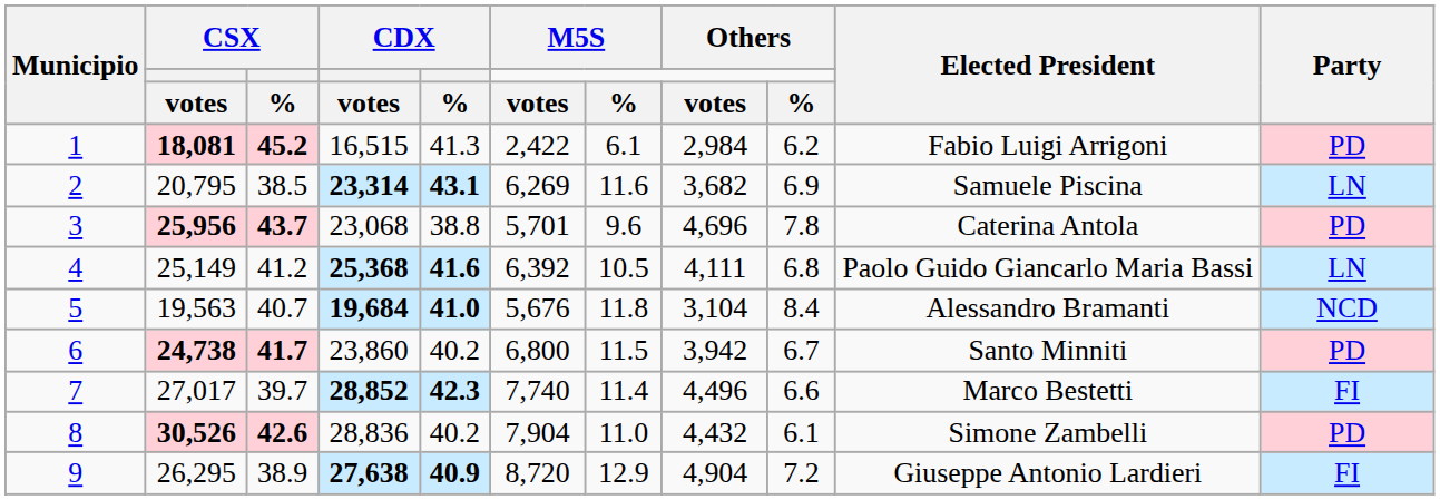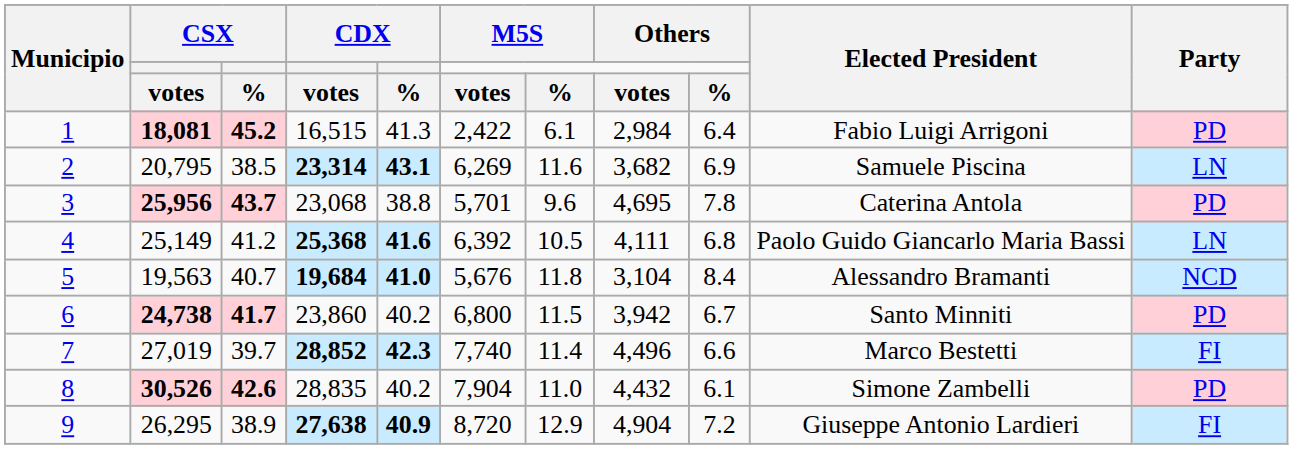 <table class="wikitable" style="text-align:center; font-size:85%; line-height:13px">
 <tr style="height:30px; background-color:#E9E9E9">
 <th style="width:50px;" rowspan="3">Municipio</th>
 <th style="width:75px;" colspan="2"><a href='#'>CSX</a></th>
 <th style="width:75px;" colspan="2"><a href='#'>CDX</a></th>
 <th style="width:75px;" colspan="2"><a href='#'>M5S</a></th>
 <th style="width:75px;" colspan="2">Others</th>
 <th style="width:195px;" rowspan="3">Elected President</th>
 <th style="width:75px;" rowspan="3">Party</th>
 </tr>
 <tr>
 <th style="background:"></th>
 <th style="background:"></th>
 <th style="background:"></th>
 <th style="background:"></th>
 </tr>
 <tr>
 <th>votes</th>
 <th>%</th>
 <th>votes</th>
 <th>%</th>
 <th>votes</th>
 <th>%</th>
 <th>votes</th>
 <th>%</th>
 </tr>
 <tr>
 <td><a href='#'>1</a></td>
 <td style="background:#FFD0D7"><strong>18,081</strong></td>
 <td style="background:#FFD0D7"><strong>45.2</strong></td>
 <td>16,515</td>
 <td>41.3</td>
 <td>2,422</td>
 <td>6.1</td>
 <td>2,984</td>
-<td>6.2</td>
+<td>6.4</td>
 <td>Fabio Luigi Arrigoni</td>
 <td style="background:#FFD0D7"><a href='#'>PD</a></td>
 </tr>
 <tr>
 <td><a href='#'>2</a></td>
 <td>20,795</td>
 <td>38.5</td>
 <td style="background:#C8EBFF"><strong>23,314</strong></td>
 <td style="background:#C8EBFF"><strong>43.1</strong></td>
 <td>6,269</td>
 <td>11.6</td>
 <td>3,682</td>
 <td>6.9</td>
 <td>Samuele Piscina</td>
 <td style="background:#C8EBFF"><a href='#'>LN</a></td>
 </tr>
 <tr>
 <td><a href='#'>3</a></td>
 <td style="background:#FFD0D7"><strong>25,956</strong></td>
 <td style="background:#FFD0D7"><strong>43.7</strong></td>
 <td>23,068</td>
 <td>38.8</td>
 <td>5,701</td>
 <td>9.6</td>
-<td>4,696</td>
+<td>4,695</td>
 <td>7.8</td>
 <td>Caterina Antola</td>
 <td style="background:#FFD0D7"><a href='#'>PD</a></td>
 </tr>
 <tr>
 <td><a href='#'>4</a></td>
 <td>25,149</td>
 <td>41.2</td>
 <td style="background:#C8EBFF"><strong>25,368</strong></td>
 <td style="background:#C8EBFF"><strong>41.6</strong></td>
 <td>6,392</td>
 <td>10.5</td>
 <td>4,111</td>
 <td>6.8</td>
 <td>Paolo Guido Giancarlo Maria Bassi</td>
 <td style="background:#C8EBFF"><a href='#'>LN</a></td>
 </tr>
 <tr>
 <td><a href='#'>5</a></td>
 <td>19,563</td>
 <td>40.7</td>
 <td style="background:#C8EBFF"><strong>19,684</strong></td>
 <td style="background:#C8EBFF"><strong>41.0</strong></td>
 <td>5,676</td>
 <td>11.8</td>
 <td>3,104</td>
 <td>8.4</td>
 <td>Alessandro Bramanti</td>
 <td style="background:#C8EBFF"><a href='#'>NCD</a></td>
 </tr>
 <tr>
 <td><a href='#'>6</a></td>
 <td style="background:#FFD0D7"><strong>24,738</strong></td>
 <td style="background:#FFD0D7"><strong>41.7</strong></td>
 <td>23,860</td>
 <td>40.2</td>
 <td>6,800</td>
 <td>11.5</td>
 <td>3,942</td>
 <td>6.7</td>
 <td>Santo Minniti</td>
 <td style="background:#FFD0D7"><a href='#'>PD</a></td>
 </tr>
 <tr>
 <td><a href='#'>7</a></td>
-<td>27,017</td>
+<td>27,019</td>
 <td>39.7</td>
 <td style="background:#C8EBFF"><strong>28,852</strong></td>
 <td style="background:#C8EBFF"><strong>42.3</strong></td>
 <td>7,740</td>
 <td>11.4</td>
 <td>4,496</td>
 <td>6.6</td>
 <td>Marco Bestetti</td>
 <td style="background:#C8EBFF"><a href='#'>FI</a></td>
 </tr>
 <tr>
 <td><a href='#'>8</a></td>
 <td style="background:#FFD0D7"><strong>30,526</strong></td>
 <td style="background:#FFD0D7"><strong>42.6</strong></td>
-<td>28,836</td>
+<td>28,835</td>
 <td>40.2</td>
 <td>7,904</td>
 <td>11.0</td>
 <td>4,432</td>
 <td>6.1</td>
 <td>Simone Zambelli</td>
 <td style="background:#FFD0D7"><a href='#'>PD</a></td>
 </tr>
 <tr>
 <td><a href='#'>9</a></td>
 <td>26,295</td>
 <td>38.9</td>
 <td style="background:#C8EBFF"><strong>27,638</strong></td>
 <td style="background:#C8EBFF"><strong>40.9</strong></td>
 <td>8,720</td>
 <td>12.9</td>
 <td>4,904</td>
 <td>7.2</td>
 <td>Giuseppe Antonio Lardieri</td>
 <td style="background:#C8EBFF"><a href='#'>FI</a></td>
 </tr>
 </table>
